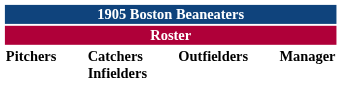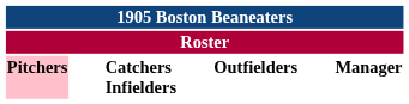 <table class="toccolours" style="font-size: 95%;">
 <tr>
 <th colspan="10" style="background-color: #0f437c; color: white; text-align: center;">1905 Boston Beaneaters</th>
 </tr>
 <tr>
 <td colspan="10" style="background-color: #af0039; color: white; text-align: center;"><strong>Roster</strong></td>
 </tr>
 <tr>
-<td valign="top"><strong>Pitchers</strong><br>      </td>
+<td valign="top" style="background: pink;"><strong>Pitchers</strong><br>      </td>
 <td width="25px"></td>
 <td valign="top"><strong>Catchers</strong><br>    <strong>Infielders</strong>       </td>
 <td width="25px"></td>
 <td valign="top"><strong>Outfielders</strong><br>    </td>
 <td width="25px"></td>
 <td valign="top"><strong>Manager</strong><br></td>
 </tr>
 </table>
